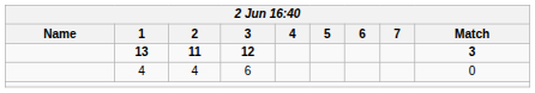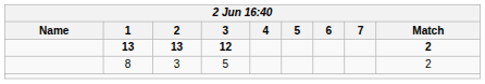 <table class=wikitable style="text-align:center; width: 55%">
 <tr>
 <th colspan=17><em> 2 Jun 16:40</em></th>
 </tr>
 <tr>
 <th>Name</th>
 <th>1</th>
 <th>2</th>
 <th>3</th>
 <th>4</th>
 <th>5</th>
 <th>6</th>
 <th>7</th>
 <th>Match</th>
 </tr>
 <tr>
 <td style="text-align:left;"><strong></strong></td>
 <td><strong>13</strong></td>
-<td><strong>11</strong></td>
+<td><strong>13</strong></td>
 <td><strong>12</strong></td>
 <td></td>
 <td></td>
 <td></td>
 <td></td>
-<td><strong>3</strong></td>
+<td><strong>2</strong></td>
 </tr>
 <tr>
 <td style="text-align:left;"></td>
-<td>4</td>
-<td>4</td>
-<td>6</td>
+<td>8</td>
+<td>3</td>
+<td>5</td>
 <td></td>
 <td></td>
 <td></td>
 <td></td>
-<td>0</td>
+<td>2</td>
 </tr>
 <tr>
 <td colspan=17></td>
 </tr>
 </table>
